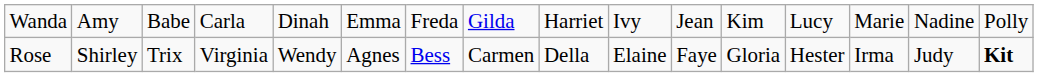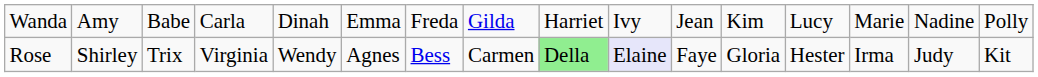 <table class="wikitable">
 <tr>
 <td>Wanda</td>
 <td>Amy</td>
 <td>Babe</td>
 <td>Carla</td>
 <td>Dinah</td>
 <td>Emma</td>
 <td>Freda</td>
 <td><a href='#'>Gilda</a></td>
 <td>Harriet</td>
 <td>Ivy</td>
 <td>Jean</td>
 <td>Kim</td>
 <td>Lucy</td>
 <td>Marie</td>
 <td>Nadine</td>
 <td>Polly</td>
 </tr>
 <tr>
 <td>Rose</td>
 <td>Shirley</td>
 <td>Trix</td>
 <td>Virginia</td>
 <td>Wendy</td>
 <td>Agnes</td>
 <td><a href='#'>Bess</a></td>
 <td>Carmen</td>
-<td>Della</td>
-<td>Elaine</td>
+<td style="background: lightgreen;">Della</td>
+<td style="background: lavender;">Elaine</td>
 <td>Faye</td>
 <td>Gloria</td>
 <td>Hester</td>
 <td>Irma</td>
 <td>Judy</td>
-<td><strong>Kit</strong></td>
+<td>Kit</td>
 </tr>
 </table>
